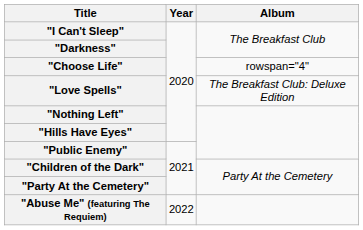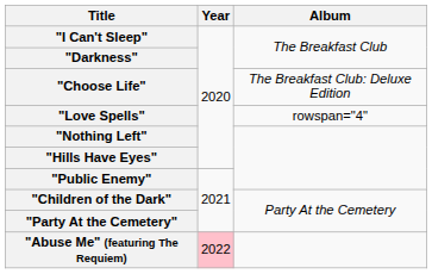 <table class="wikitable plainrowheaders" style="text-align:center;">
 <tr>
 <th scope="col" style="width:14em;">Title</th>
 <th scope="col" style="width:1em;">Year</th>
 <th scope="col" style="width:14em;">Album</th>
 </tr>
 <tr>
 <th scope="row">"I Can't Sleep" </th>
 <td rowspan=6>2020</td>
 <td rowspan=2><em>The Breakfast Club</em></td>
 </tr>
 <tr>
 <th scope="row">"Darkness"</th>
 </tr>
 <tr>
 <th scope="row">"Choose Life" </th>
-<td>rowspan="4" </td>
+<td><em>The Breakfast Club: Deluxe Edition</em></td>
 </tr>
 <tr>
 <th scope="row">"Love Spells"</th>
-<td><em>The Breakfast Club: Deluxe Edition</em></td>
+<td>rowspan="4" </td>
 </tr>
 <tr>
 <th scope="row">"Nothing Left" </th>
 </tr>
 <tr>
 <th scope="row">"Hills Have Eyes" </th>
 </tr>
 <tr>
 <th scope="row">"Public Enemy"</th>
 <td rowspan=3>2021</td>
 </tr>
 <tr>
 <th scope="row">"Children of the Dark"</th>
 <td rowspan=2><em>Party At the Cemetery</em></td>
 </tr>
 <tr>
 <th scope="row">"Party At the Cemetery"</th>
 </tr>
 <tr>
 <th scope="row">"Abuse Me" <small>(featuring The Requiem)</small></th>
-<td>2022</td>
+<td style="background: pink;">2022</td>
 <td></td>
 </tr>
 </table>
